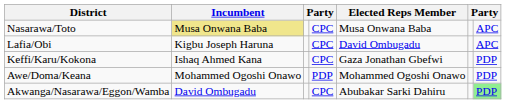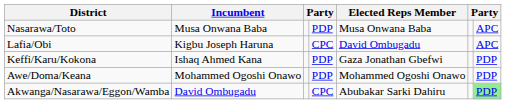 <table class="sortable wikitable" style="font-size:95%;line-height:14px;">
 <tr>
 <th class="unsortable">District</th>
 <th class="unsortable"><a href='#'>Incumbent</a></th>
 <th colspan="2">Party</th>
 <th class="unsortable">Elected Reps Member</th>
 <th colspan="2">Party</th>
 </tr>
 <tr>
 <td>Nasarawa/Toto</td>
-<td style="background: khaki;">Musa Onwana Baba</td>
+<td>Musa Onwana Baba</td>
 <td style="background:"></td>
-<td><a href='#'>CPC</a></td>
+<td><a href='#'>PDP</a></td>
 <td>Musa Onwana Baba</td>
 <td style="background:"></td>
 <td><a href='#'>APC</a></td>
 </tr>
 <tr>
 <td>Lafia/Obi</td>
 <td>Kigbu Joseph Haruna</td>
 <td style="background:"></td>
 <td><a href='#'>CPC</a></td>
 <td><a href='#'>David Ombugadu</a></td>
 <td style="background:"></td>
 <td><a href='#'>APC</a></td>
 </tr>
 <tr>
 <td>Keffi/Karu/Kokona</td>
 <td>Ishaq Ahmed Kana</td>
 <td style="background:"></td>
-<td><a href='#'>CPC</a></td>
+<td><a href='#'>PDP</a></td>
 <td>Gaza Jonathan Gbefwi</td>
 <td style="background:"></td>
 <td><a href='#'>PDP</a></td>
 </tr>
 <tr>
 <td>Awe/Doma/Keana</td>
 <td>Mohammed Ogoshi Onawo</td>
 <td style="background:"></td>
 <td><a href='#'>PDP</a></td>
 <td>Mohammed Ogoshi Onawo</td>
 <td style="background:"></td>
 <td><a href='#'>PDP</a></td>
 </tr>
 <tr>
 <td>Akwanga/Nasarawa/Eggon/Wamba</td>
 <td><a href='#'>David Ombugadu</a></td>
 <td style="background:"></td>
 <td><a href='#'>CPC</a></td>
 <td>Abubakar Sarki Dahiru</td>
 <td style="background:"></td>
 <td style="background: lightgreen;"><a href='#'>PDP</a></td>
 </tr>
 </table>
